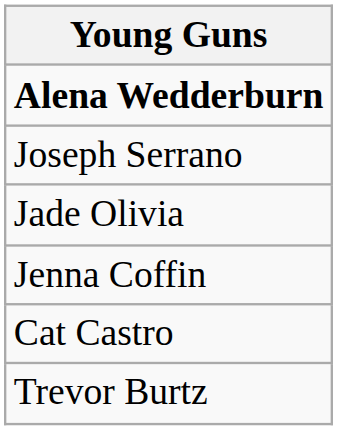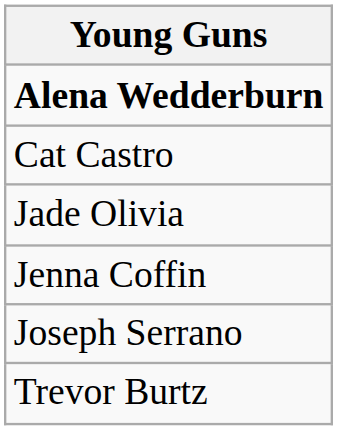 <table class="wikitable" style="display: inline-table;">
 <tr>
 <th>Young Guns</th>
 </tr>
 <tr>
 <td><strong>Alena Wedderburn</strong></td>
 </tr>
 <tr>
-<td>Joseph Serrano</td>
+<td>Cat Castro</td>
 </tr>
 <tr>
 <td>Jade Olivia</td>
 </tr>
 <tr>
 <td>Jenna Coffin</td>
 </tr>
 <tr>
-<td>Cat Castro</td>
+<td>Joseph Serrano</td>
 </tr>
 <tr>
 <td>Trevor Burtz</td>
 </tr>
 </table>
